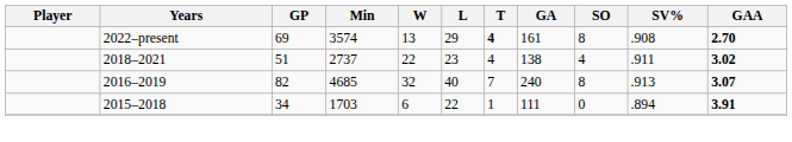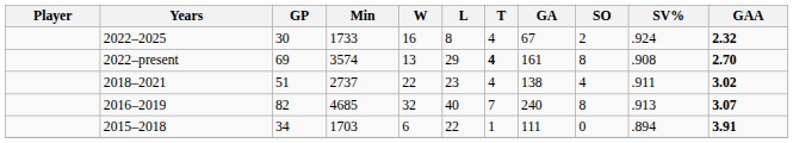 <table class="wikitable sortable" width = 900>
 <tr>
 <th>Player</th>
 <th>Years</th>
 <th>GP</th>
 <th>Min</th>
 <th>W</th>
 <th>L</th>
 <th>T</th>
 <th>GA</th>
 <th>SO</th>
 <th>SV%</th>
 <th>GAA</th>
+</tr>
+<tr>
+<td></td>
+<td>2022–2025</td>
+<td>30</td>
+<td>1733</td>
+<td>16</td>
+<td>8</td>
+<td>4</td>
+<td>67</td>
+<td>2</td>
+<td>.924</td>
+<td><strong>2.32</strong></td>
 </tr>
 <tr>
 <td></td>
 <td>2022–present</td>
 <td>69</td>
 <td>3574</td>
 <td>13</td>
 <td>29</td>
 <td><strong>4</strong></td>
 <td>161</td>
 <td>8</td>
 <td>.908</td>
 <td><strong>2.70</strong></td>
 </tr>
 <tr>
 <td></td>
 <td>2018–2021</td>
 <td>51</td>
 <td>2737</td>
 <td>22</td>
 <td>23</td>
 <td>4</td>
 <td>138</td>
 <td>4</td>
 <td>.911</td>
 <td><strong>3.02</strong></td>
 </tr>
 <tr>
 <td></td>
 <td>2016–2019</td>
 <td>82</td>
 <td>4685</td>
 <td>32</td>
 <td>40</td>
 <td>7</td>
 <td>240</td>
 <td>8</td>
 <td>.913</td>
 <td><strong>3.07</strong></td>
 </tr>
 <tr>
 <td></td>
 <td>2015–2018</td>
 <td>34</td>
 <td>1703</td>
 <td>6</td>
 <td>22</td>
 <td>1</td>
 <td>111</td>
 <td>0</td>
 <td>.894</td>
 <td><strong>3.91</strong></td>
 </tr>
 <tr>
 </tr>
 </table>
